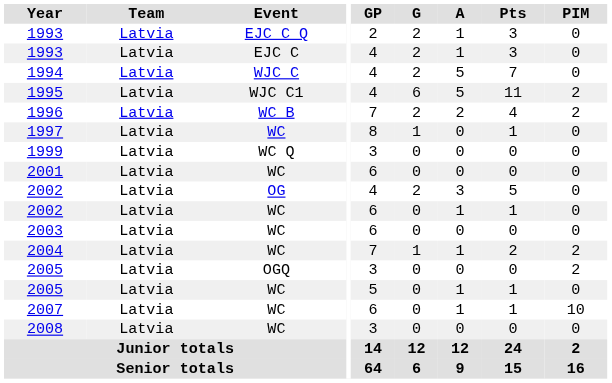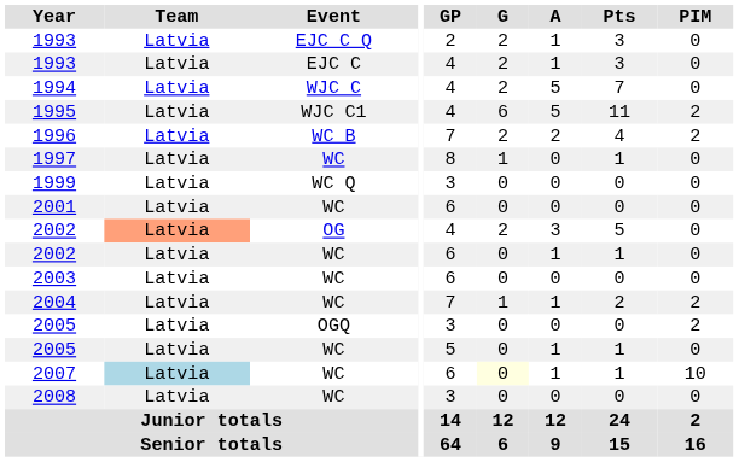 <table border="0" cellpadding="1" cellspacing="0" ID="Table3" style="text-align:center; width:40em">
 <tr ALIGN="center" bgcolor="#e0e0e0">
 <th>Year</th>
 <th>Team</th>
 <th>Event</th>
 <th rowspan="99" bgcolor="#ffffff"></th>
 <th>GP</th>
 <th>G</th>
 <th>A</th>
 <th>Pts</th>
 <th>PIM</th>
 </tr>
 <tr>
 <td><a href='#'>1993</a></td>
 <td><a href='#'>Latvia</a></td>
 <td><a href='#'>EJC C Q</a></td>
 <td>2</td>
 <td>2</td>
 <td>1</td>
 <td>3</td>
 <td>0</td>
 </tr>
 <tr bgcolor="#f0f0f0">
 <td><a href='#'>1993</a></td>
 <td>Latvia</td>
 <td>EJC C</td>
 <td>4</td>
 <td>2</td>
 <td>1</td>
 <td>3</td>
 <td>0</td>
 </tr>
 <tr>
 <td><a href='#'>1994</a></td>
 <td><a href='#'>Latvia</a></td>
 <td><a href='#'>WJC C</a></td>
 <td>4</td>
 <td>2</td>
 <td>5</td>
 <td>7</td>
 <td>0</td>
 </tr>
 <tr bgcolor="#f0f0f0">
 <td><a href='#'>1995</a></td>
 <td>Latvia</td>
 <td>WJC C1</td>
 <td>4</td>
 <td>6</td>
 <td>5</td>
 <td>11</td>
 <td>2</td>
 </tr>
 <tr>
 <td><a href='#'>1996</a></td>
 <td><a href='#'>Latvia</a></td>
 <td><a href='#'>WC B</a></td>
 <td>7</td>
 <td>2</td>
 <td>2</td>
 <td>4</td>
 <td>2</td>
 </tr>
 <tr bgcolor="#f0f0f0">
 <td><a href='#'>1997</a></td>
 <td>Latvia</td>
 <td><a href='#'>WC</a></td>
 <td>8</td>
 <td>1</td>
 <td>0</td>
 <td>1</td>
 <td>0</td>
 </tr>
 <tr>
 <td><a href='#'>1999</a></td>
 <td>Latvia</td>
 <td>WC Q</td>
 <td>3</td>
 <td>0</td>
 <td>0</td>
 <td>0</td>
 <td>0</td>
 </tr>
 <tr bgcolor="#f0f0f0">
 <td><a href='#'>2001</a></td>
 <td>Latvia</td>
 <td>WC</td>
 <td>6</td>
 <td>0</td>
 <td>0</td>
 <td>0</td>
 <td>0</td>
 </tr>
 <tr>
 <td><a href='#'>2002</a></td>
-<td>Latvia</td>
+<td style="background: lightsalmon;">Latvia</td>
 <td><a href='#'>OG</a></td>
 <td>4</td>
 <td>2</td>
 <td>3</td>
 <td>5</td>
 <td>0</td>
 </tr>
 <tr bgcolor="#f0f0f0">
 <td><a href='#'>2002</a></td>
 <td>Latvia</td>
 <td>WC</td>
 <td>6</td>
 <td>0</td>
 <td>1</td>
 <td>1</td>
 <td>0</td>
 </tr>
 <tr>
 <td><a href='#'>2003</a></td>
 <td>Latvia</td>
 <td>WC</td>
 <td>6</td>
 <td>0</td>
 <td>0</td>
 <td>0</td>
 <td>0</td>
 </tr>
 <tr bgcolor="#f0f0f0">
 <td><a href='#'>2004</a></td>
 <td>Latvia</td>
 <td>WC</td>
 <td>7</td>
 <td>1</td>
 <td>1</td>
 <td>2</td>
 <td>2</td>
 </tr>
 <tr>
 <td><a href='#'>2005</a></td>
 <td>Latvia</td>
 <td>OGQ</td>
 <td>3</td>
 <td>0</td>
 <td>0</td>
 <td>0</td>
 <td>2</td>
 </tr>
 <tr bgcolor="#f0f0f0">
 <td><a href='#'>2005</a></td>
 <td>Latvia</td>
 <td>WC</td>
 <td>5</td>
 <td>0</td>
 <td>1</td>
 <td>1</td>
 <td>0</td>
 </tr>
 <tr>
 <td><a href='#'>2007</a></td>
-<td>Latvia</td>
+<td style="background: lightblue;">Latvia</td>
 <td>WC</td>
 <td>6</td>
-<td>0</td>
+<td style="background: lightyellow;">0</td>
 <td>1</td>
 <td>1</td>
 <td>10</td>
 </tr>
 <tr bgcolor="#f0f0f0">
 <td><a href='#'>2008</a></td>
 <td>Latvia</td>
 <td>WC</td>
 <td>3</td>
 <td>0</td>
 <td>0</td>
 <td>0</td>
 <td>0</td>
 </tr>
 <tr style="background: #e0e0e0;">
 <th colspan="3">Junior totals</th>
 <th>14</th>
 <th>12</th>
 <th>12</th>
 <th>24</th>
 <th>2</th>
 </tr>
 <tr style="background: #e0e0e0;">
 <th colspan="3">Senior totals</th>
 <th>64</th>
 <th>6</th>
 <th>9</th>
 <th>15</th>
 <th>16</th>
 </tr>
 </table>
